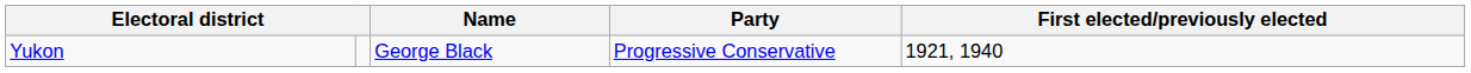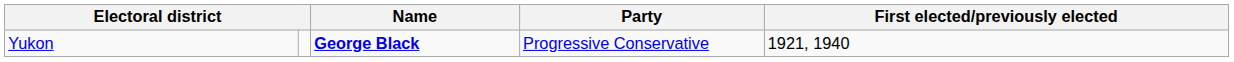 <table class="wikitable" width=95%>
 <tr>
 <th colspan=2 width=25%>Electoral district</th>
 <th>Name</th>
 <th width=20%>Party</th>
 <th>First elected/previously elected</th>
 </tr>
 <tr>
 <td width=24%><a href='#'>Yukon</a></td>
 <td></td>
-<td><a href='#'>George Black</a></td>
+<td><strong><a href='#'>George Black</a></strong></td>
 <td><a href='#'>Progressive Conservative</a></td>
 <td>1921, 1940</td>
 </tr>
 </table>
